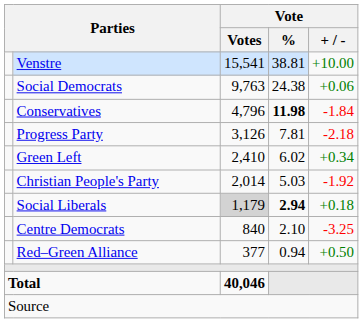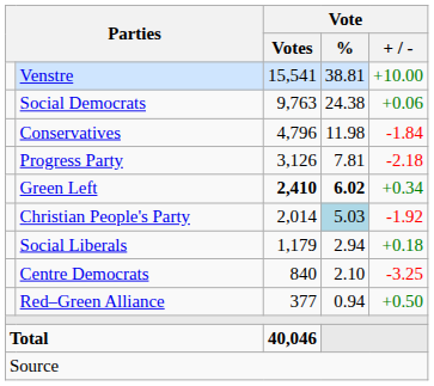 <table class="wikitable" style="text-align:right;">
 <tr>
 <th style="text-align:centre;" rowspan="2" colspan="2" width="225">Parties</th>
 <th colspan="3">Vote</th>
 </tr>
 <tr>
 <th width="15">Votes</th>
 <th width="15">%</th>
 <th width="15">+ / -</th>
 </tr>
 <tr>
 <td width="2" style="color:inherit;background:"></td>
 <td bgcolor=#cfe5fe  align="left"><a href='#'>Venstre</a></td>
 <td bgcolor=#cfe5fe>15,541</td>
 <td bgcolor=#cfe5fe>38.81</td>
 <td style=color:green;>+10.00</td>
 </tr>
 <tr>
 <td width="2" style="color:inherit;background:"></td>
 <td align="left"><a href='#'>Social Democrats</a></td>
 <td>9,763</td>
 <td>24.38</td>
 <td style=color:green;>+0.06</td>
 </tr>
 <tr>
 <td width="2" style="color:inherit;background:"></td>
 <td align="left"><a href='#'>Conservatives</a></td>
 <td>4,796</td>
-<td><strong>11.98</strong></td>
+<td>11.98</td>
 <td style=color:red;>-1.84</td>
 </tr>
 <tr>
 <td width="2" style="color:inherit;background:"></td>
 <td align="left"><a href='#'>Progress Party</a></td>
 <td>3,126</td>
 <td>7.81</td>
 <td style=color:red;>-2.18</td>
 </tr>
 <tr>
 <td width="2" style="color:inherit;background:"></td>
 <td align="left"><a href='#'>Green Left</a></td>
-<td>2,410</td>
-<td>6.02</td>
+<td><strong>2,410</strong></td>
+<td><strong>6.02</strong></td>
 <td style=color:green;>+0.34</td>
 </tr>
 <tr>
 <td width="2" style="color:inherit;background:"></td>
 <td align="left"><a href='#'>Christian People's Party</a></td>
 <td>2,014</td>
-<td>5.03</td>
+<td style="background: lightblue;">5.03</td>
 <td style=color:red;>-1.92</td>
 </tr>
 <tr>
 <td width="2" style="color:inherit;background:"></td>
 <td align="left"><a href='#'>Social Liberals</a></td>
-<td style="background: lightgrey;">1,179</td>
-<td><strong>2.94</strong></td>
+<td>1,179</td>
+<td>2.94</td>
 <td style=color:green;>+0.18</td>
 </tr>
 <tr>
 <td width="2" style="color:inherit;background:"></td>
 <td align="left"><a href='#'>Centre Democrats</a></td>
 <td>840</td>
 <td>2.10</td>
 <td style=color:red;>-3.25</td>
 </tr>
 <tr>
 <td width="2" style="color:inherit;background:"></td>
 <td align="left"><a href='#'>Red–Green Alliance</a></td>
 <td>377</td>
 <td>0.94</td>
 <td style=color:green;>+0.50</td>
 </tr>
 <tr>
 <td colspan="7" bgcolor="#E9E9E9"></td>
 </tr>
 <tr>
 <td align="left" colspan="2"><strong>Total</strong></td>
 <td><strong>40,046</strong></td>
 <td bgcolor="#E9E9E9" colspan="2"></td>
 </tr>
 <tr>
 <td align="left" colspan="6">Source</td>
 </tr>
 </table>
